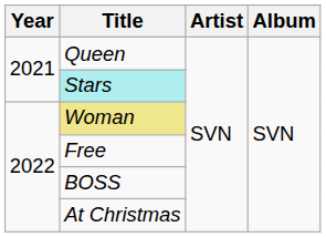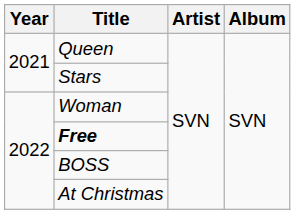 <table class="wikitable">
 <tr>
 <th>Year</th>
 <th>Title</th>
 <th>Artist</th>
 <th>Album</th>
 </tr>
 <tr>
 <td rowspan="2">2021</td>
 <td><em>Queen</em></td>
 <td rowspan="6">SVN</td>
 <td rowspan="6">SVN</td>
 </tr>
 <tr>
-<td style="background: paleturquoise;"><em>Stars</em></td>
+<td><em>Stars</em></td>
 </tr>
 <tr>
 <td rowspan="4">2022</td>
-<td style="background: khaki;"><em>Woman</em></td>
+<td><em>Woman</em></td>
 </tr>
 <tr>
-<td><em>Free</em></td>
+<td><strong><em>Free</em></strong></td>
 </tr>
 <tr>
 <td><em>BOSS</em></td>
 </tr>
 <tr>
 <td><em>At Christmas</em></td>
 </tr>
 </table>
